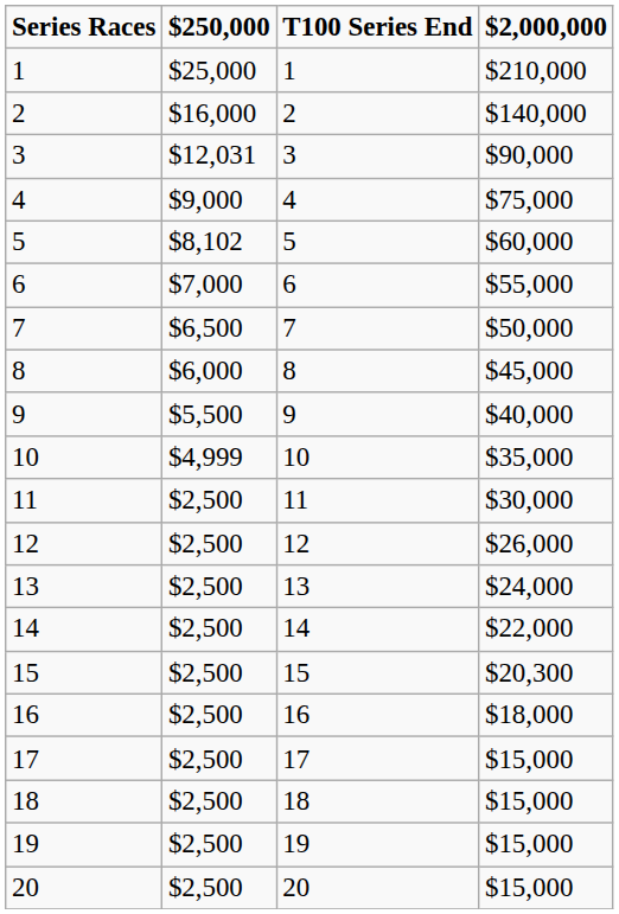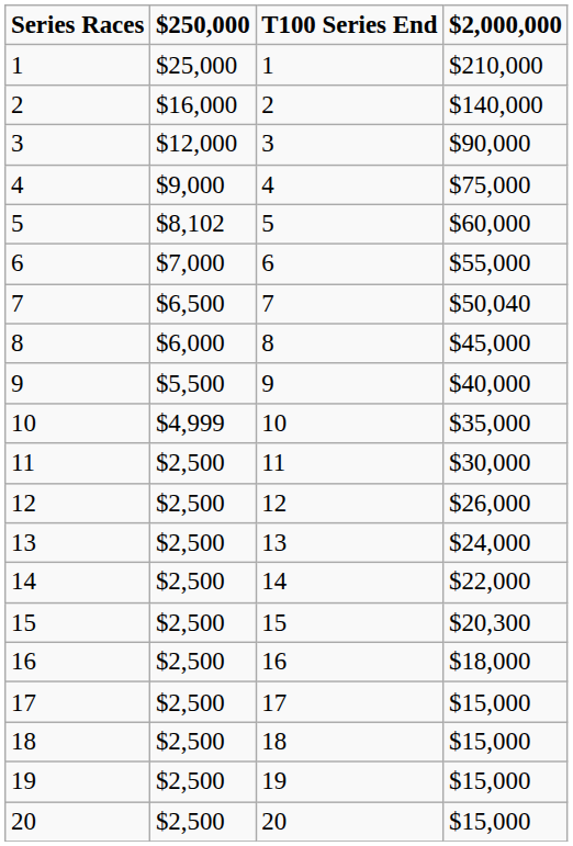 <table class="wikitable">
 <tr>
 <td><strong>Series Races</strong></td>
 <td><strong>$250,000</strong></td>
 <td><strong>T100 Series End</strong></td>
 <td><strong>$2,000,000</strong></td>
 </tr>
 <tr>
 <td>1</td>
 <td>$25,000</td>
 <td>1</td>
 <td>$210,000</td>
 </tr>
 <tr>
 <td>2</td>
 <td>$16,000</td>
 <td>2</td>
 <td>$140,000</td>
 </tr>
 <tr>
 <td>3</td>
-<td>$12,031</td>
+<td>$12,000</td>
 <td>3</td>
 <td>$90,000</td>
 </tr>
 <tr>
 <td>4</td>
 <td>$9,000</td>
 <td>4</td>
 <td>$75,000</td>
 </tr>
 <tr>
 <td>5</td>
 <td>$8,102</td>
 <td>5</td>
 <td>$60,000</td>
 </tr>
 <tr>
 <td>6</td>
 <td>$7,000</td>
 <td>6</td>
 <td>$55,000</td>
 </tr>
 <tr>
 <td>7</td>
 <td>$6,500</td>
 <td>7</td>
-<td>$50,000</td>
+<td>$50,040</td>
 </tr>
 <tr>
 <td>8</td>
 <td>$6,000</td>
 <td>8</td>
 <td>$45,000</td>
 </tr>
 <tr>
 <td>9</td>
 <td>$5,500</td>
 <td>9</td>
 <td>$40,000</td>
 </tr>
 <tr>
 <td>10</td>
 <td>$4,999</td>
 <td>10</td>
 <td>$35,000</td>
 </tr>
 <tr>
 <td>11</td>
 <td>$2,500</td>
 <td>11</td>
 <td>$30,000</td>
 </tr>
 <tr>
 <td>12</td>
 <td>$2,500</td>
 <td>12</td>
 <td>$26,000</td>
 </tr>
 <tr>
 <td>13</td>
 <td>$2,500</td>
 <td>13</td>
 <td>$24,000</td>
 </tr>
 <tr>
 <td>14</td>
 <td>$2,500</td>
 <td>14</td>
 <td>$22,000</td>
 </tr>
 <tr>
 <td>15</td>
 <td>$2,500</td>
 <td>15</td>
 <td>$20,300</td>
 </tr>
 <tr>
 <td>16</td>
 <td>$2,500</td>
 <td>16</td>
 <td>$18,000</td>
 </tr>
 <tr>
 <td>17</td>
 <td>$2,500</td>
 <td>17</td>
 <td>$15,000</td>
 </tr>
 <tr>
 <td>18</td>
 <td>$2,500</td>
 <td>18</td>
 <td>$15,000</td>
 </tr>
 <tr>
 <td>19</td>
 <td>$2,500</td>
 <td>19</td>
 <td>$15,000</td>
 </tr>
 <tr>
 <td>20</td>
 <td>$2,500</td>
 <td>20</td>
 <td>$15,000</td>
 </tr>
 </table>
